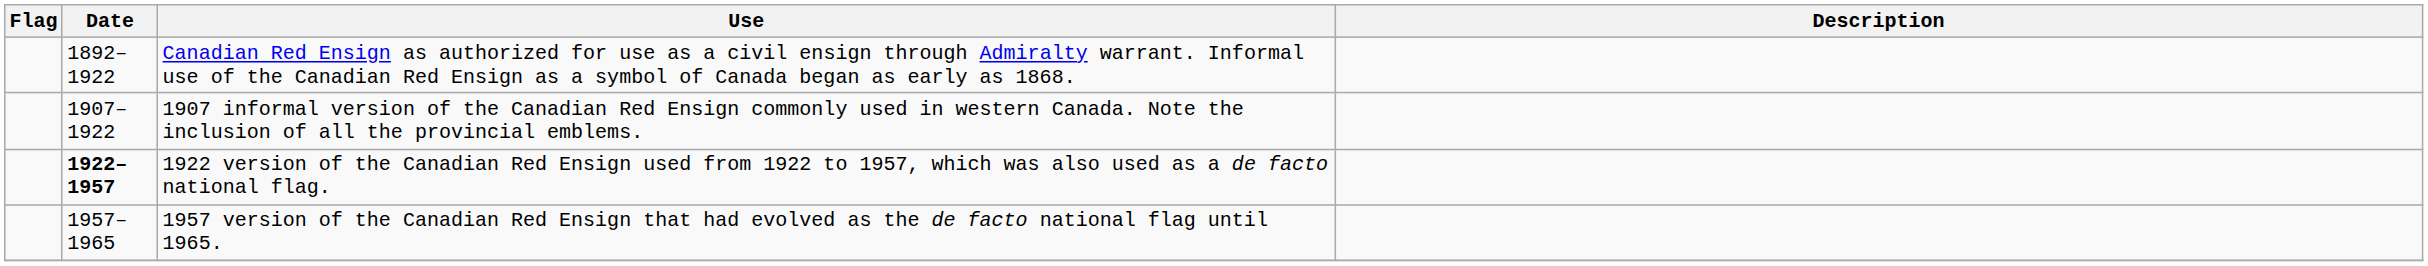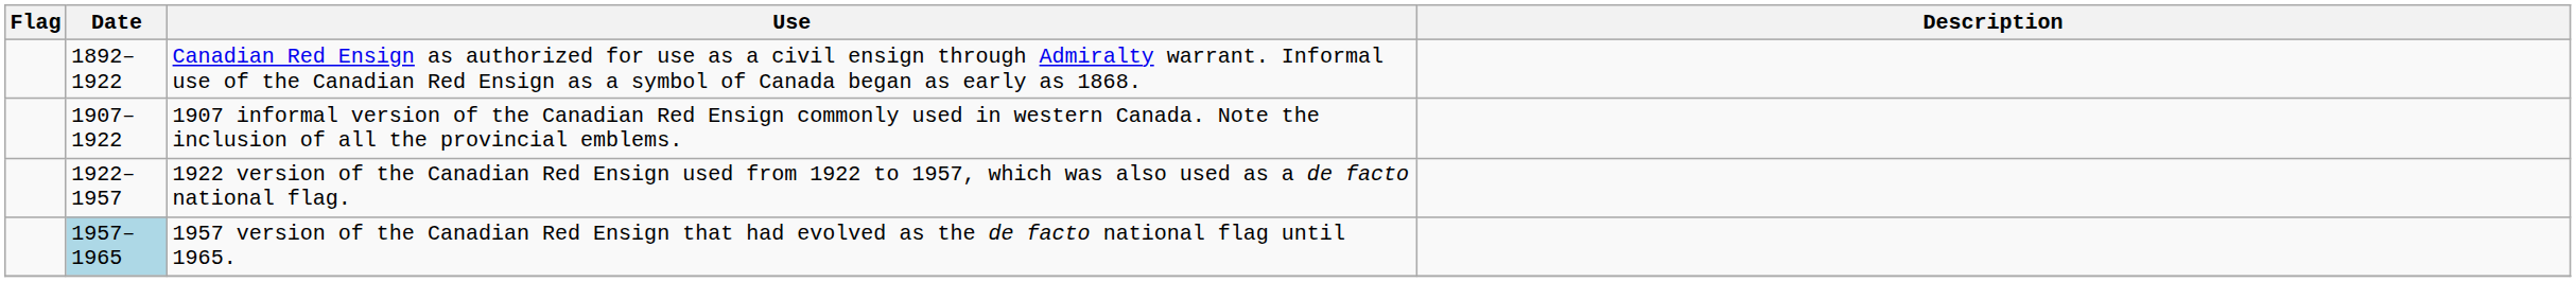 <table class="wikitable">
 <tr>
 <th scope="col">Flag</th>
 <th scope="col">Date</th>
 <th scope="col">Use</th>
 <th scope="col" style="width: 45%;">Description</th>
 </tr>
 <tr>
 <td></td>
 <td>1892–1922</td>
 <td><a href='#'>Canadian Red Ensign</a> as authorized for use as a civil ensign through <a href='#'>Admiralty</a> warrant. Informal use of the Canadian Red Ensign as a symbol of Canada began as early as 1868.</td>
 <td></td>
 </tr>
 <tr>
 <td></td>
 <td>1907–1922</td>
 <td>1907 informal version of the Canadian Red Ensign commonly used in western Canada. Note the inclusion of all the provincial emblems.</td>
 <td></td>
 </tr>
 <tr>
 <td></td>
-<td><strong>1922–1957</strong></td>
+<td>1922–1957</td>
 <td>1922 version of the Canadian Red Ensign used from 1922 to 1957, which was also used as a <em>de facto</em> national flag.</td>
 <td></td>
 </tr>
 <tr>
 <td></td>
-<td>1957–1965</td>
+<td style="background: lightblue;">1957–1965</td>
 <td>1957 version of the Canadian Red Ensign that had evolved as the <em>de facto</em> national flag until 1965.</td>
 <td></td>
 </tr>
 <tr>
 </tr>
 </table>
